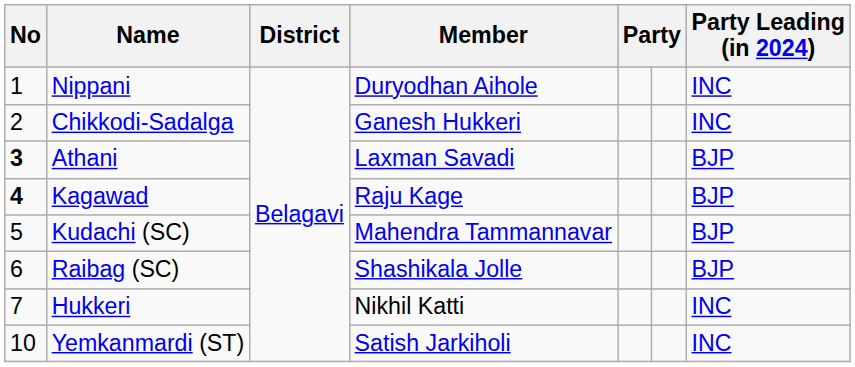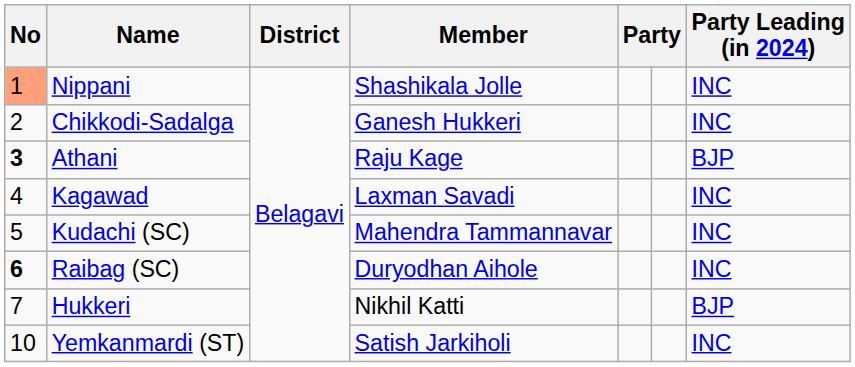 <table class="wikitable">
 <tr>
 <th>No</th>
 <th>Name</th>
 <th>District</th>
 <th>Member</th>
 <th colspan="2">Party</th>
 <th colspan="2">Party Leading<br>(in <a href='#'>2024</a>)</th>
 </tr>
 <tr>
-<td>1</td>
+<td style="background: lightsalmon;">1</td>
 <td><a href='#'>Nippani</a></td>
 <td rowspan="8"><a href='#'>Belagavi</a></td>
-<td><a href='#'>Duryodhan Aihole</a></td>
+<td><a href='#'>Shashikala Jolle</a></td>
 <td></td>
 <td style="background-color: "></td>
 <td><a href='#'>INC</a></td>
 </tr>
 <tr>
 <td>2</td>
 <td><a href='#'>Chikkodi-Sadalga</a></td>
 <td><a href='#'>Ganesh Hukkeri</a></td>
 <td></td>
 <td style="background-color: "></td>
 <td><a href='#'>INC</a></td>
 </tr>
 <tr>
 <td><strong>3</strong></td>
 <td><a href='#'>Athani</a></td>
-<td><a href='#'>Laxman Savadi</a></td>
+<td><a href='#'>Raju Kage</a></td>
 <td></td>
 <td style="background-color: "></td>
 <td><a href='#'>BJP</a></td>
 </tr>
 <tr>
-<td><strong>4</strong></td>
+<td>4</td>
 <td><a href='#'>Kagawad</a></td>
-<td><a href='#'>Raju Kage</a></td>
+<td><a href='#'>Laxman Savadi</a></td>
 <td></td>
 <td style="background-color: "></td>
-<td><a href='#'>BJP</a></td>
+<td><a href='#'>INC</a></td>
 </tr>
 <tr>
 <td>5</td>
 <td><a href='#'>Kudachi</a> (SC)</td>
 <td><a href='#'>Mahendra Tammannavar</a></td>
 <td></td>
 <td style="background-color: "></td>
-<td><a href='#'>BJP</a></td>
+<td><a href='#'>INC</a></td>
 </tr>
 <tr>
-<td>6</td>
+<td><strong>6</strong></td>
 <td><a href='#'>Raibag</a> (SC)</td>
-<td><a href='#'>Shashikala Jolle</a></td>
+<td><a href='#'>Duryodhan Aihole</a></td>
 <td></td>
 <td style="background-color: "></td>
-<td><a href='#'>BJP</a></td>
+<td><a href='#'>INC</a></td>
 </tr>
 <tr>
 <td>7</td>
 <td><a href='#'>Hukkeri</a></td>
 <td>Nikhil Katti</td>
 <td></td>
 <td style="background-color: "></td>
-<td><a href='#'>INC</a></td>
+<td><a href='#'>BJP</a></td>
 </tr>
 <tr>
 <td>10</td>
 <td><a href='#'>Yemkanmardi</a> (ST)</td>
 <td><a href='#'>Satish Jarkiholi</a></td>
 <td></td>
 <td style="background-color: "></td>
 <td><a href='#'>INC</a></td>
 </tr>
 </table>
